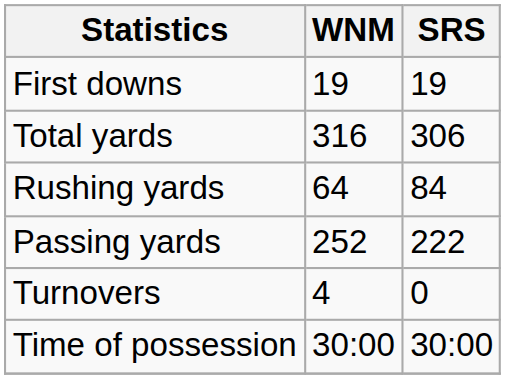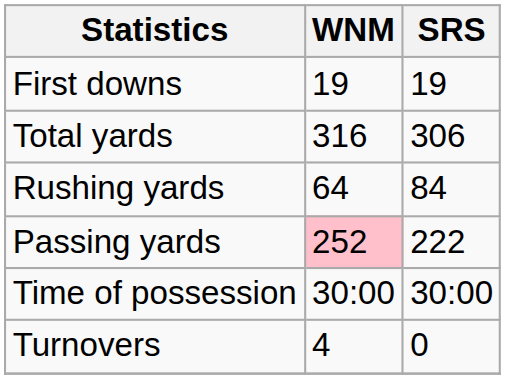 <table class="wikitable" style="float: left;">
 <tr>
 <th>Statistics</th>
 <th>WNM</th>
 <th>SRS</th>
 </tr>
 <tr>
 <td>First downs</td>
 <td>19</td>
 <td>19</td>
 </tr>
 <tr>
 <td>Total yards</td>
 <td>316</td>
 <td>306</td>
 </tr>
 <tr>
 <td>Rushing yards</td>
 <td>64</td>
 <td>84</td>
 </tr>
 <tr>
 <td>Passing yards</td>
-<td>252</td>
+<td style="background: pink;">252</td>
 <td>222</td>
+</tr>
+<tr>
+<td>Time of possession</td>
+<td>30:00</td>
+<td>30:00</td>
 </tr>
 <tr>
 <td>Turnovers</td>
 <td>4</td>
 <td>0</td>
 </tr>
 <tr>
-<td>Time of possession</td>
-<td>30:00</td>
-<td>30:00</td>
-</tr>
-<tr>
 </tr>
 </table>
